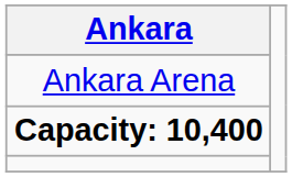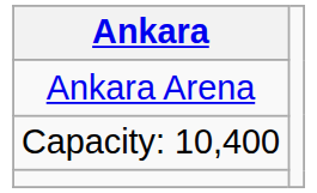 <table class="wikitable" style="text-align:center;margin:1em auto;">
 <tr>
 <th><a href='#'>Ankara</a></th>
 <td rowspan=4></td>
 </tr>
 <tr>
 <td><a href='#'>Ankara Arena</a></td>
 </tr>
 <tr>
-<td><strong>Capacity: 10,400</strong></td>
+<td>Capacity: 10,400</td>
 </tr>
 <tr>
 <td></td>
 </tr>
 </table>
